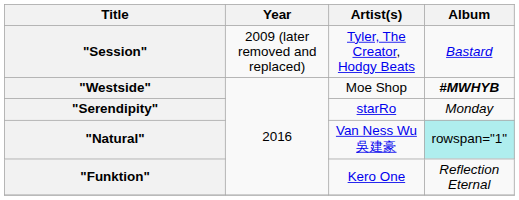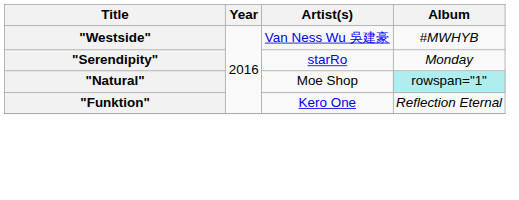 <table class="wikitable plainrowheaders" style="text-align:center;">
 <tr>
 <th scope="col" style="width:16em;">Title</th>
 <th scope="col">Year</th>
 <th scope="col">Artist(s)</th>
 <th scope="col">Album</th>
 </tr>
 <tr>
-<th scope="row">"Session"</th>
-<td>2009 (later removed and replaced)</td>
-<td><a href='#'>Tyler, The Creator</a>, <a href='#'>Hodgy Beats</a></td>
-<td><em><a href='#'>Bastard</a></em></td>
-</tr>
-<tr>
 <th scope="row">"Westside"</th>
 <td rowspan="4">2016</td>
-<td>Moe Shop</td>
-<td><strong><em>#MWHYB</em></strong></td>
+<td><a href='#'>Van Ness Wu 吳建豪</a></td>
+<td><em>#MWHYB</em></td>
 </tr>
 <tr>
 <th scope="row">"Serendipity"</th>
 <td><a href='#'>starRo</a></td>
 <td><em>Monday</em></td>
 </tr>
 <tr>
 <th scope="row">"Natural"</th>
-<td><a href='#'>Van Ness Wu 吳建豪</a></td>
+<td>Moe Shop</td>
 <td style="background: paleturquoise;">rowspan="1" </td>
 </tr>
 <tr>
 <th scope="row">"Funktion"</th>
 <td><a href='#'>Kero One</a></td>
 <td><em>Reflection Eternal</em></td>
 </tr>
 <tr>
 </tr>
 </table>
